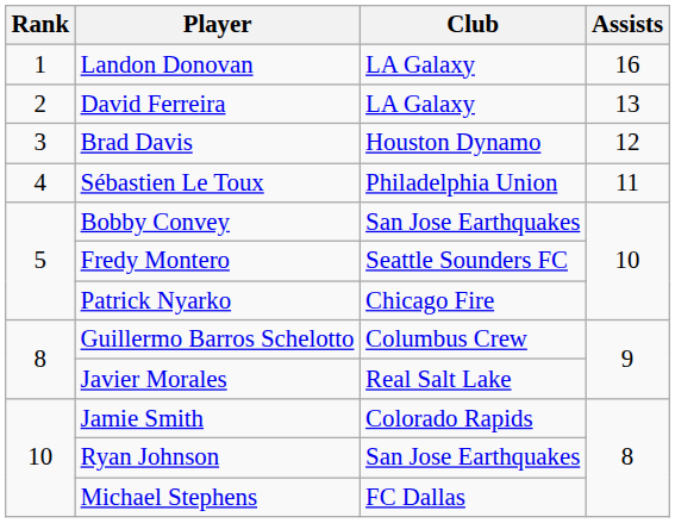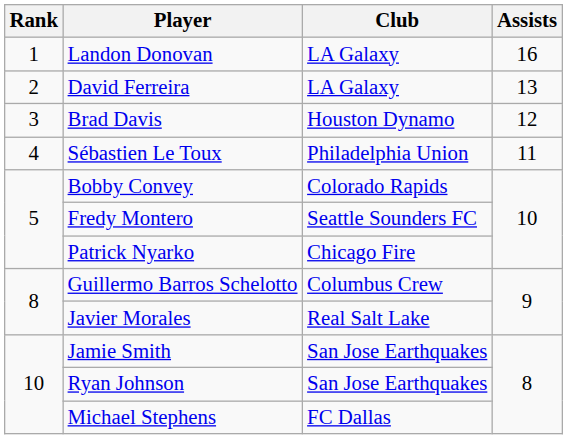 <table class="wikitable" style="text-align:center">
 <tr>
 <th>Rank</th>
 <th>Player</th>
 <th>Club</th>
 <th>Assists</th>
 </tr>
 <tr>
 <td>1</td>
 <td align="left"> <a href='#'>Landon Donovan</a></td>
 <td align="left"><a href='#'>LA Galaxy</a></td>
 <td>16</td>
 </tr>
 <tr>
 <td>2</td>
 <td align="left"> <a href='#'>David Ferreira</a></td>
 <td align="left"><a href='#'>LA Galaxy</a></td>
 <td>13</td>
 </tr>
 <tr>
 <td>3</td>
 <td align="left"> <a href='#'>Brad Davis</a></td>
 <td align="left"><a href='#'>Houston Dynamo</a></td>
 <td>12</td>
 </tr>
 <tr>
 <td>4</td>
 <td align="left"> <a href='#'>Sébastien Le Toux</a></td>
 <td align="left"><a href='#'>Philadelphia Union</a></td>
 <td>11</td>
 </tr>
 <tr>
 <td rowspan="3">5</td>
 <td align="left"> <a href='#'>Bobby Convey</a></td>
-<td align="left"><a href='#'>San Jose Earthquakes</a></td>
+<td align="left"><a href='#'>Colorado Rapids</a></td>
 <td rowspan="3">10</td>
 </tr>
 <tr>
 <td align="left"> <a href='#'>Fredy Montero</a></td>
 <td align="left"><a href='#'>Seattle Sounders FC</a></td>
 </tr>
 <tr>
 <td align="left"> <a href='#'>Patrick Nyarko</a></td>
 <td align="left"><a href='#'>Chicago Fire</a></td>
 </tr>
 <tr>
 <td rowspan="2">8</td>
 <td align="left"> <a href='#'>Guillermo Barros Schelotto</a></td>
 <td align="left"><a href='#'>Columbus Crew</a></td>
 <td rowspan="2">9</td>
 </tr>
 <tr>
 <td align="left"> <a href='#'>Javier Morales</a></td>
 <td align="left"><a href='#'>Real Salt Lake</a></td>
 </tr>
 <tr>
 <td rowspan="3">10</td>
 <td align="left"> <a href='#'>Jamie Smith</a></td>
-<td align="left"><a href='#'>Colorado Rapids</a></td>
+<td align="left"><a href='#'>San Jose Earthquakes</a></td>
 <td rowspan="3">8</td>
 </tr>
 <tr>
 <td align="left"> <a href='#'>Ryan Johnson</a></td>
 <td align="left"><a href='#'>San Jose Earthquakes</a></td>
 </tr>
 <tr>
 <td align="left"> <a href='#'>Michael Stephens</a></td>
 <td align="left"><a href='#'>FC Dallas</a></td>
 </tr>
 </table>
